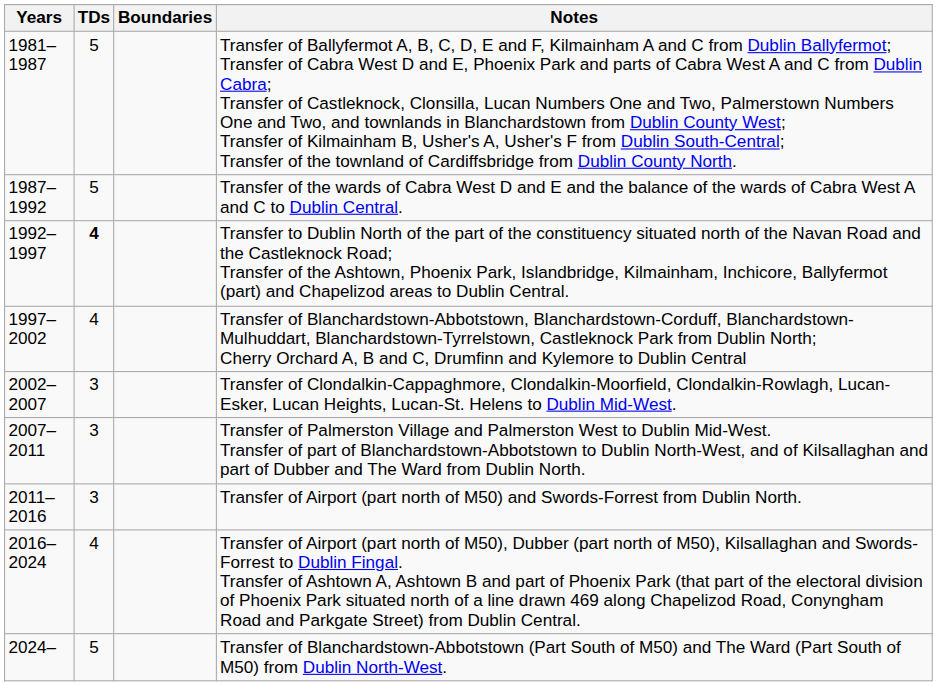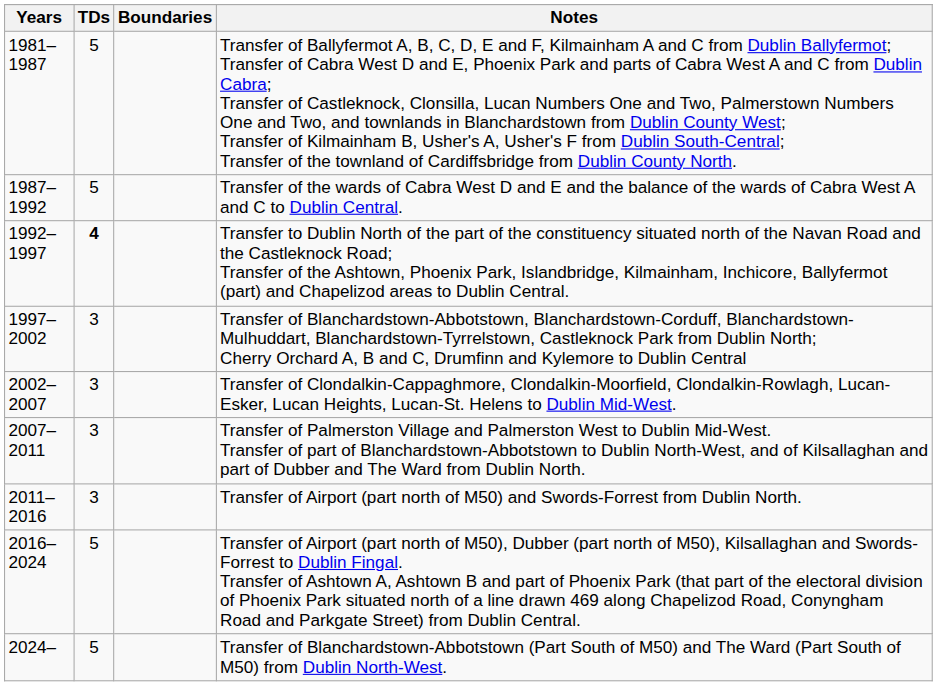 <table class="wikitable">
 <tr>
 </tr>
 <tr>
 <th>Years</th>
 <th>TDs</th>
 <th>Boundaries</th>
 <th>Notes</th>
 </tr>
 <tr style="vertical-align:top">
 <td>1981–1987</td>
 <td style="text-align:center">5</td>
 <td><br></td>
 <td>Transfer of Ballyfermot A, B, C, D, E and F, Kilmainham A and C from <a href='#'>Dublin Ballyfermot</a>;<br>Transfer of Cabra West D and E, Phoenix Park and parts of Cabra West A and C from <a href='#'>Dublin Cabra</a>;<br>Transfer of Castleknock, Clonsilla, Lucan Numbers One and Two, Palmerstown Numbers One and Two, and townlands in Blanchardstown from <a href='#'>Dublin County West</a>;<br>Transfer of Kilmainham B, Usher's A, Usher's F from <a href='#'>Dublin South-Central</a>;<br>Transfer of the townland of Cardiffsbridge from <a href='#'>Dublin County North</a>.</td>
 </tr>
 <tr style="vertical-align:top">
 <td>1987–1992</td>
 <td style="text-align:center">5</td>
 <td><br></td>
 <td>Transfer of the wards of Cabra West D and E and the balance of the wards of Cabra West A and C to <a href='#'>Dublin Central</a>.</td>
 </tr>
 <tr style="vertical-align:top">
 <td>1992–1997</td>
 <td style="text-align:center"><strong>4</strong></td>
 <td><br></td>
 <td>Transfer to Dublin North of the part of the constituency situated north of the Navan Road and the Castleknock Road;<br>Transfer of the Ashtown, Phoenix Park, Islandbridge, Kilmainham, Inchicore, Ballyfermot (part) and Chapelizod areas to Dublin Central.</td>
 </tr>
 <tr style="vertical-align:top">
 <td>1997–2002</td>
-<td style="text-align:center">4</td>
+<td style="text-align:center">3</td>
 <td><br></td>
 <td>Transfer of Blanchardstown-Abbotstown, Blanchardstown-Corduff, Blanchardstown-Mulhuddart, Blanchardstown-Tyrrelstown, Castleknock Park from Dublin North;<br>Cherry Orchard A, B and C, Drumfinn and Kylemore to Dublin Central</td>
 </tr>
 <tr style="vertical-align:top">
 <td>2002–2007</td>
 <td style="text-align:center">3</td>
 <td><br></td>
 <td>Transfer of Clondalkin-Cappaghmore, Clondalkin-Moorfield, Clondalkin-Rowlagh, Lucan-Esker, Lucan Heights, Lucan-St. Helens to <a href='#'>Dublin Mid-West</a>.</td>
 </tr>
 <tr style="vertical-align:top">
 <td>2007–2011</td>
 <td style="text-align:center">3</td>
 <td></td>
 <td>Transfer of Palmerston Village and Palmerston West to Dublin Mid-West.<br>Transfer of part of Blanchardstown-Abbotstown to Dublin North-West, and of Kilsallaghan and part of Dubber and The Ward from Dublin North.</td>
 </tr>
 <tr style="vertical-align:top">
 <td>2011–2016</td>
 <td style="text-align:center">3</td>
 <td></td>
 <td>Transfer of Airport (part north of M50) and Swords-Forrest from Dublin North.</td>
 </tr>
 <tr style="vertical-align:top">
 <td>2016–2024</td>
-<td style="text-align:center">4</td>
+<td style="text-align:center">5</td>
 <td><br></td>
 <td>Transfer of Airport (part north of M50), Dubber (part north of M50), Kilsallaghan and Swords-Forrest to <a href='#'>Dublin Fingal</a>.<br>Transfer of Ashtown A, Ashtown B and part of Phoenix Park (that part of the electoral division of Phoenix Park situated north of a line drawn 469 along Chapelizod Road, Conyngham Road and Parkgate Street) from Dublin Central.</td>
 </tr>
 <tr style="vertical-align:top">
 <td>2024–</td>
 <td style="text-align:center">5</td>
 <td><br></td>
 <td>Transfer of Blanchardstown-Abbotstown (Part South of M50) and The Ward (Part South of M50) from <a href='#'>Dublin North-West</a>.</td>
 </tr>
 </table>
